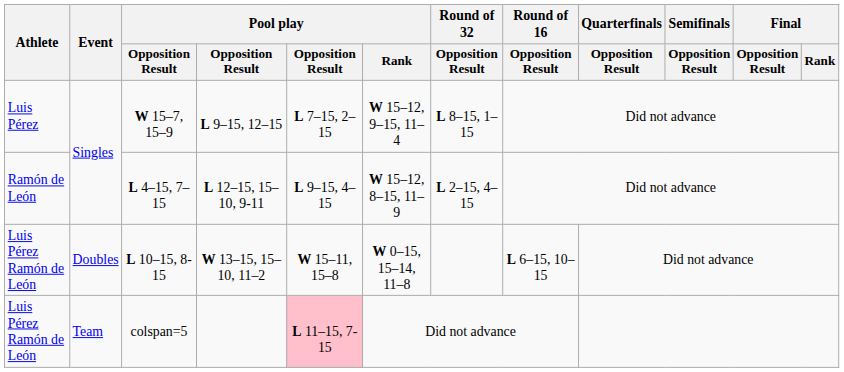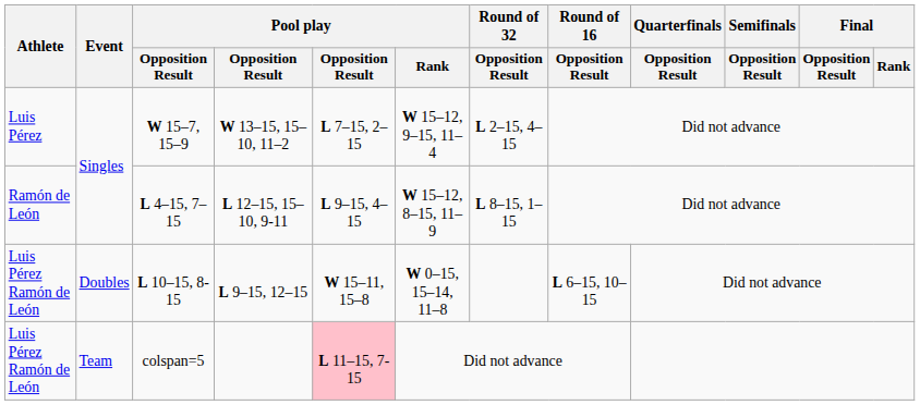 <table class=wikitable style="font-size:90%;">
 <tr>
 <th rowspan=2>Athlete</th>
 <th rowspan=2>Event</th>
 <th colspan=4>Pool play</th>
 <th>Round of 32</th>
 <th>Round of 16</th>
 <th>Quarterfinals</th>
 <th>Semifinals</th>
 <th colspan=2>Final</th>
 </tr>
 <tr style="font-size:95%">
 <th>Opposition<br>Result</th>
 <th>Opposition<br>Result</th>
 <th>Opposition<br>Result</th>
 <th>Rank</th>
 <th>Opposition<br>Result</th>
 <th>Opposition<br>Result</th>
 <th>Opposition<br>Result</th>
 <th>Opposition<br>Result</th>
 <th>Opposition<br>Result</th>
 <th>Rank</th>
 </tr>
 <tr align=center>
 <td align=left><a href='#'>Luis Pérez</a></td>
 <td align=left rowspan=2><a href='#'>Singles</a></td>
 <td><br><strong>W</strong> 15–7, 15–9</td>
-<td><br><strong>L</strong> 9–15, 12–15</td>
+<td><br><strong>W</strong> 13–15, 15–10, 11–2</td>
 <td><br><strong>L</strong> 7–15, 2–15</td>
 <td><br><strong>W</strong> 15–12, 9–15, 11–4</td>
-<td><br><strong>L</strong> 8–15, 1–15</td>
+<td><br><strong>L</strong> 2–15, 4–15</td>
 <td align="center" colspan="5">Did not advance</td>
 </tr>
 <tr align=center>
 <td align=left><a href='#'>Ramón de León</a></td>
 <td><br><strong>L</strong> 4–15, 7–15</td>
 <td><br><strong>L</strong> 12–15, 15–10, 9-11</td>
 <td><br><strong>L</strong> 9–15, 4–15</td>
 <td><br><strong>W</strong> 15–12, 8–15, 11–9</td>
-<td><br><strong>L</strong> 2–15, 4–15</td>
+<td><br><strong>L</strong> 8–15, 1–15</td>
 <td align="center" colspan="5">Did not advance</td>
 </tr>
 <tr align=center>
 <td align=left><a href='#'>Luis Pérez</a><br><a href='#'>Ramón de León</a></td>
 <td align=left><a href='#'>Doubles</a></td>
 <td><br><strong>L</strong> 10–15, 8-15</td>
-<td><br><strong>W</strong> 13–15, 15–10, 11–2</td>
+<td><br><strong>L</strong> 9–15, 12–15</td>
 <td><br><strong>W</strong> 15–11, 15–8</td>
 <td><br><strong>W</strong> 0–15, 15–14, 11–8</td>
 <td></td>
 <td><br><strong>L</strong> 6–15, 10–15</td>
 <td align="center" colspan="4">Did not advance</td>
 </tr>
 <tr align=center>
 <td align=left><a href='#'>Luis Pérez</a><br><a href='#'>Ramón de León</a></td>
 <td align=left><a href='#'>Team</a></td>
 <td>colspan=5 </td>
 <td></td>
 <td align=center style="background: pink;"><br><strong>L</strong> 11–15, 7-15</td>
 <td align="center" colspan="3">Did not advance</td>
 </tr>
 </table>
